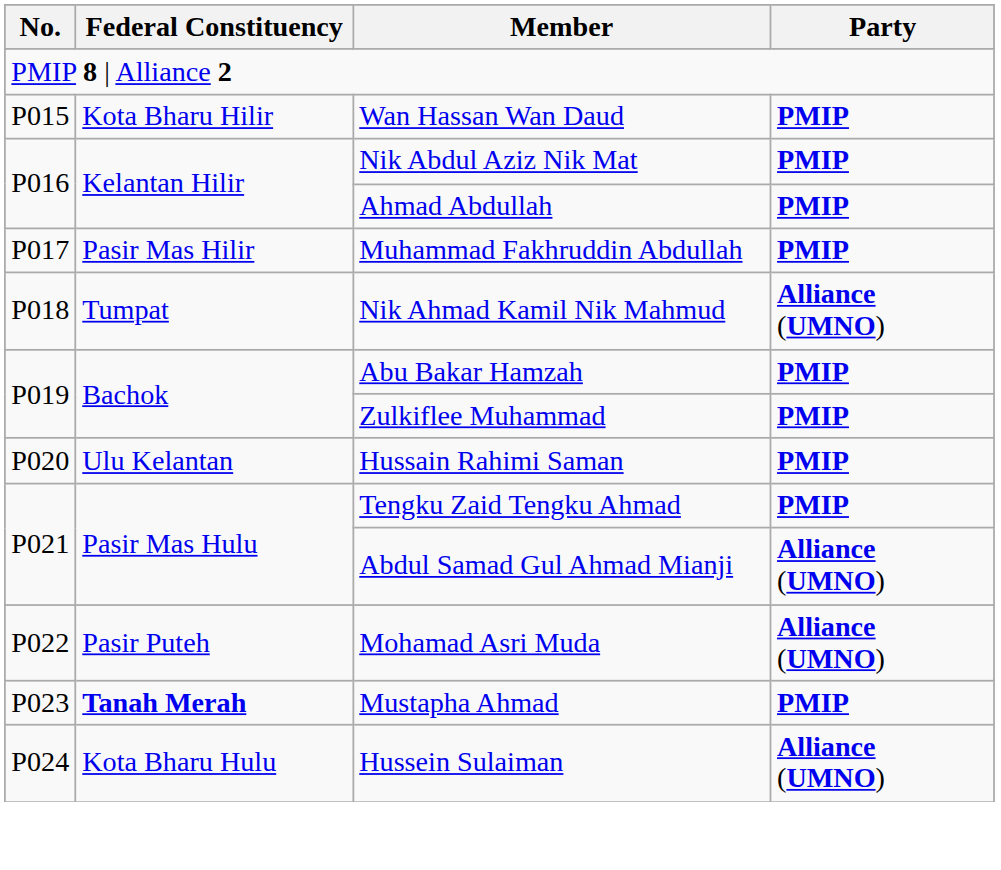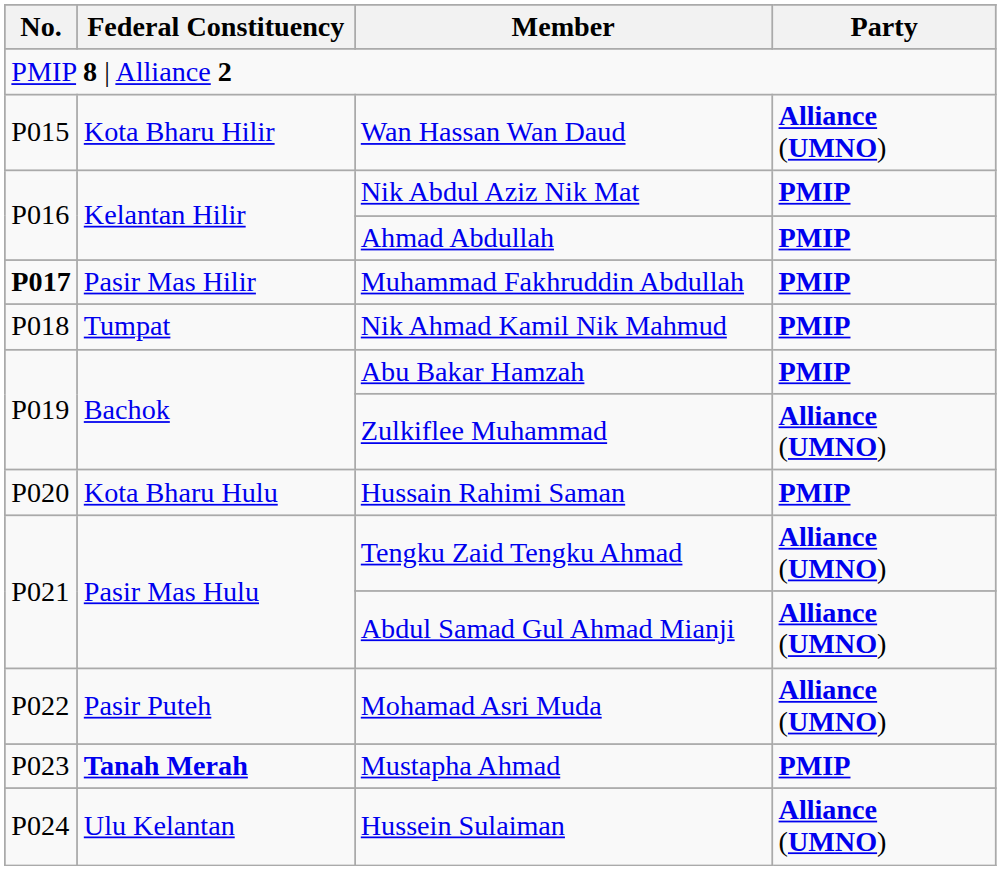 <table class="wikitable sortable">
 <tr>
 <th style="width:30px;">No.</th>
 <th style="width:150px;">Federal Constituency</th>
 <th style="width:230px;">Member</th>
 <th style="width:120px;">Party</th>
 </tr>
 <tr>
 <td colspan="4"><a href='#'>PMIP</a> <strong>8</strong> | <a href='#'>Alliance</a> <strong>2</strong></td>
 </tr>
 <tr>
 <td>P015</td>
 <td><a href='#'>Kota Bharu Hilir</a></td>
 <td><a href='#'>Wan Hassan Wan Daud</a></td>
-<td><strong><a href='#'>PMIP</a></strong></td>
+<td><strong><a href='#'>Alliance</a></strong> (<strong><a href='#'>UMNO</a></strong>)</td>
 </tr>
 <tr>
 <td rowspan=2>P016</td>
 <td rowspan=2><a href='#'>Kelantan Hilir</a></td>
 <td><a href='#'>Nik Abdul Aziz Nik Mat</a> </td>
 <td><strong><a href='#'>PMIP</a></strong></td>
 </tr>
 <tr>
 <td><a href='#'>Ahmad Abdullah</a> </td>
 <td><strong><a href='#'>PMIP</a></strong></td>
 </tr>
 <tr>
-<td>P017</td>
+<td><strong>P017</strong></td>
 <td><a href='#'>Pasir Mas Hilir</a></td>
 <td><a href='#'>Muhammad Fakhruddin Abdullah</a></td>
 <td><strong><a href='#'>PMIP</a></strong></td>
 </tr>
 <tr>
 <td>P018</td>
 <td><a href='#'>Tumpat</a></td>
 <td><a href='#'>Nik Ahmad Kamil Nik Mahmud</a></td>
-<td><strong><a href='#'>Alliance</a></strong> (<strong><a href='#'>UMNO</a></strong>)</td>
+<td><strong><a href='#'>PMIP</a></strong></td>
 </tr>
 <tr>
 <td rowspan=2>P019</td>
 <td rowspan=2><a href='#'>Bachok</a></td>
 <td><a href='#'>Abu Bakar Hamzah</a> </td>
 <td><strong><a href='#'>PMIP</a></strong></td>
 </tr>
 <tr>
 <td><a href='#'>Zulkiflee Muhammad</a> </td>
-<td><strong><a href='#'>PMIP</a></strong></td>
+<td><strong><a href='#'>Alliance</a></strong> (<strong><a href='#'>UMNO</a></strong>)</td>
 </tr>
 <tr>
 <td>P020</td>
-<td><a href='#'>Ulu Kelantan</a></td>
+<td><a href='#'>Kota Bharu Hulu</a></td>
 <td><a href='#'>Hussain Rahimi Saman</a></td>
 <td><strong><a href='#'>PMIP</a></strong></td>
 </tr>
 <tr>
 <td rowspan=2>P021</td>
 <td rowspan=2><a href='#'>Pasir Mas Hulu</a></td>
 <td><a href='#'>Tengku Zaid Tengku Ahmad</a> </td>
-<td><strong><a href='#'>PMIP</a></strong></td>
+<td><strong><a href='#'>Alliance</a></strong> (<strong><a href='#'>UMNO</a></strong>)</td>
 </tr>
 <tr>
 <td><a href='#'>Abdul Samad Gul Ahmad Mianji</a> </td>
 <td><strong><a href='#'>Alliance</a></strong> (<strong><a href='#'>UMNO</a></strong>)</td>
 </tr>
 <tr>
 <td>P022</td>
 <td><a href='#'>Pasir Puteh</a></td>
 <td><a href='#'>Mohamad Asri Muda</a></td>
 <td><strong><a href='#'>Alliance</a></strong> (<strong><a href='#'>UMNO</a></strong>)</td>
 </tr>
 <tr>
 <td>P023</td>
 <td><strong><a href='#'>Tanah Merah</a></strong></td>
 <td><a href='#'>Mustapha Ahmad</a></td>
 <td><strong><a href='#'>PMIP</a></strong></td>
 </tr>
 <tr>
 <td>P024</td>
-<td><a href='#'>Kota Bharu Hulu</a></td>
+<td><a href='#'>Ulu Kelantan</a></td>
 <td><a href='#'>Hussein Sulaiman</a></td>
 <td><strong><a href='#'>Alliance</a></strong> (<strong><a href='#'>UMNO</a></strong>)</td>
 </tr>
 </table>
